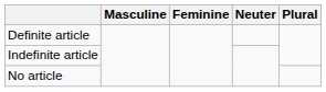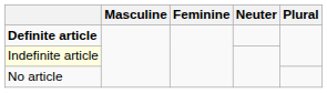 <table class="wikitable">
 <tr>
 <th></th>
 <th>Masculine</th>
 <th>Feminine</th>
 <th>Neuter</th>
 <th>Plural</th>
 </tr>
 <tr>
-<td>Definite article</td>
+<td><strong>Definite article</strong></td>
 <td rowspan="3"></td>
 <td rowspan="3"></td>
 <td></td>
 <td rowspan="2"></td>
 </tr>
 <tr>
-<td>Indefinite article</td>
+<td style="background: lightyellow;">Indefinite article</td>
 <td rowspan="2"></td>
 </tr>
 <tr>
 <td>No article</td>
 <td></td>
 </tr>
 </table>
